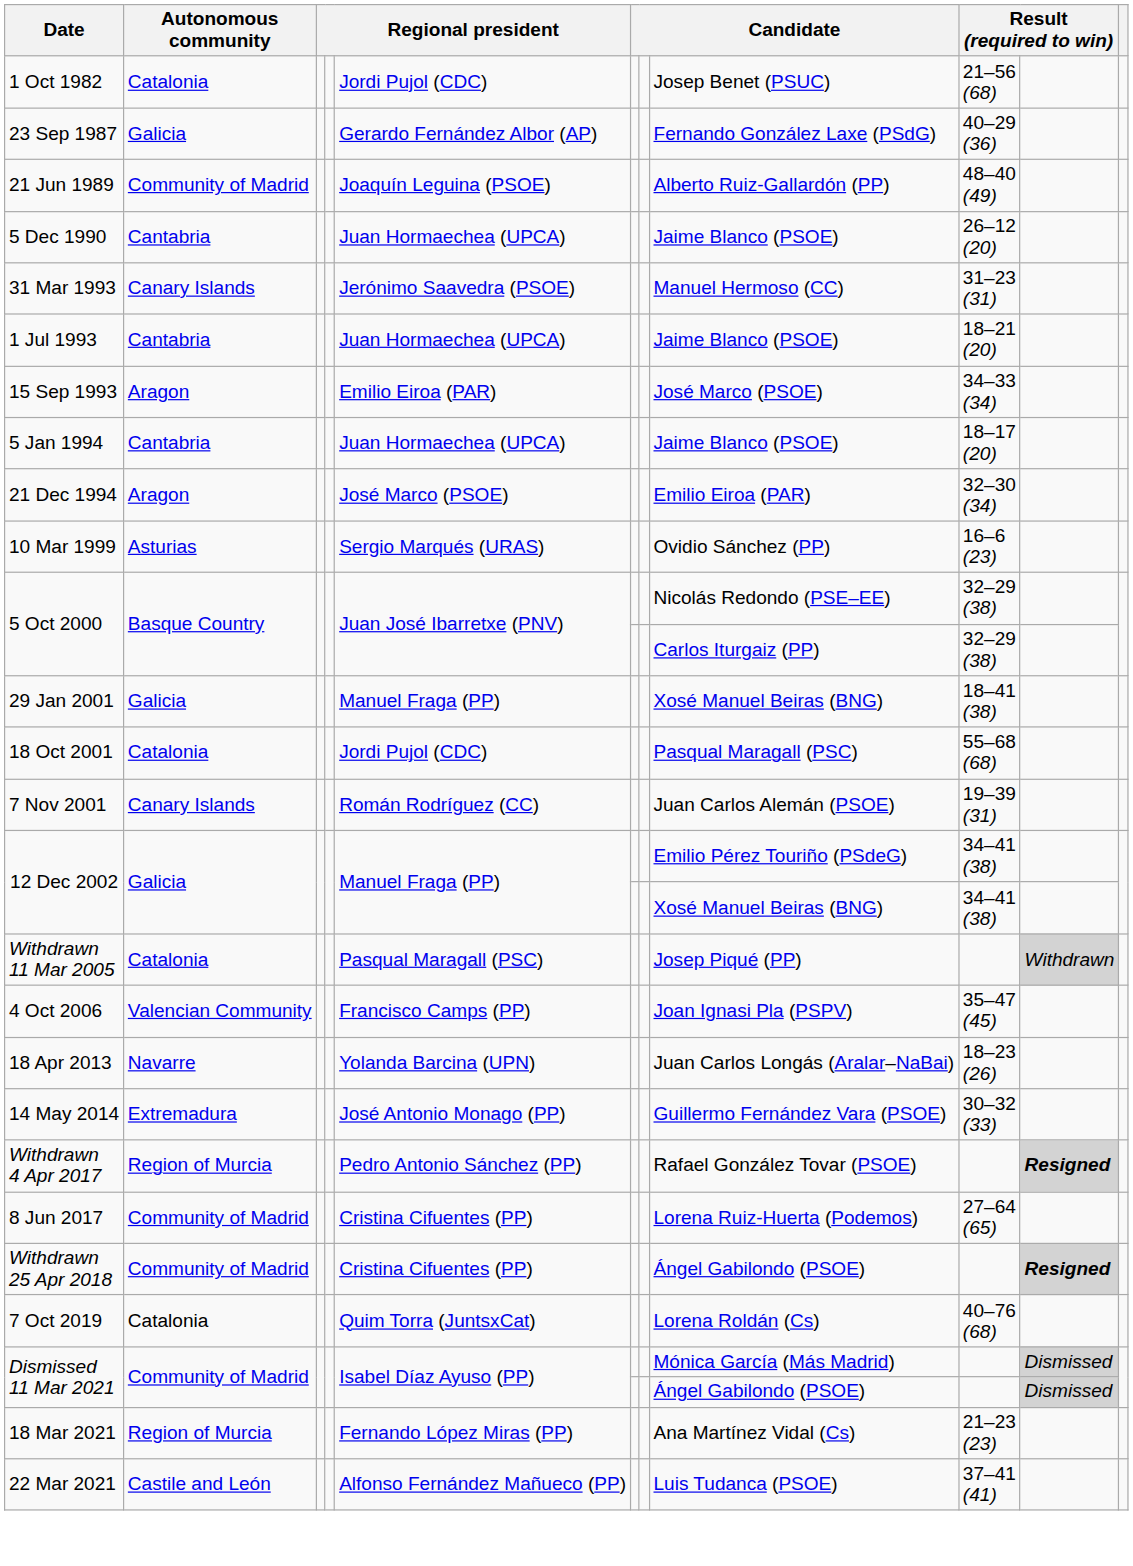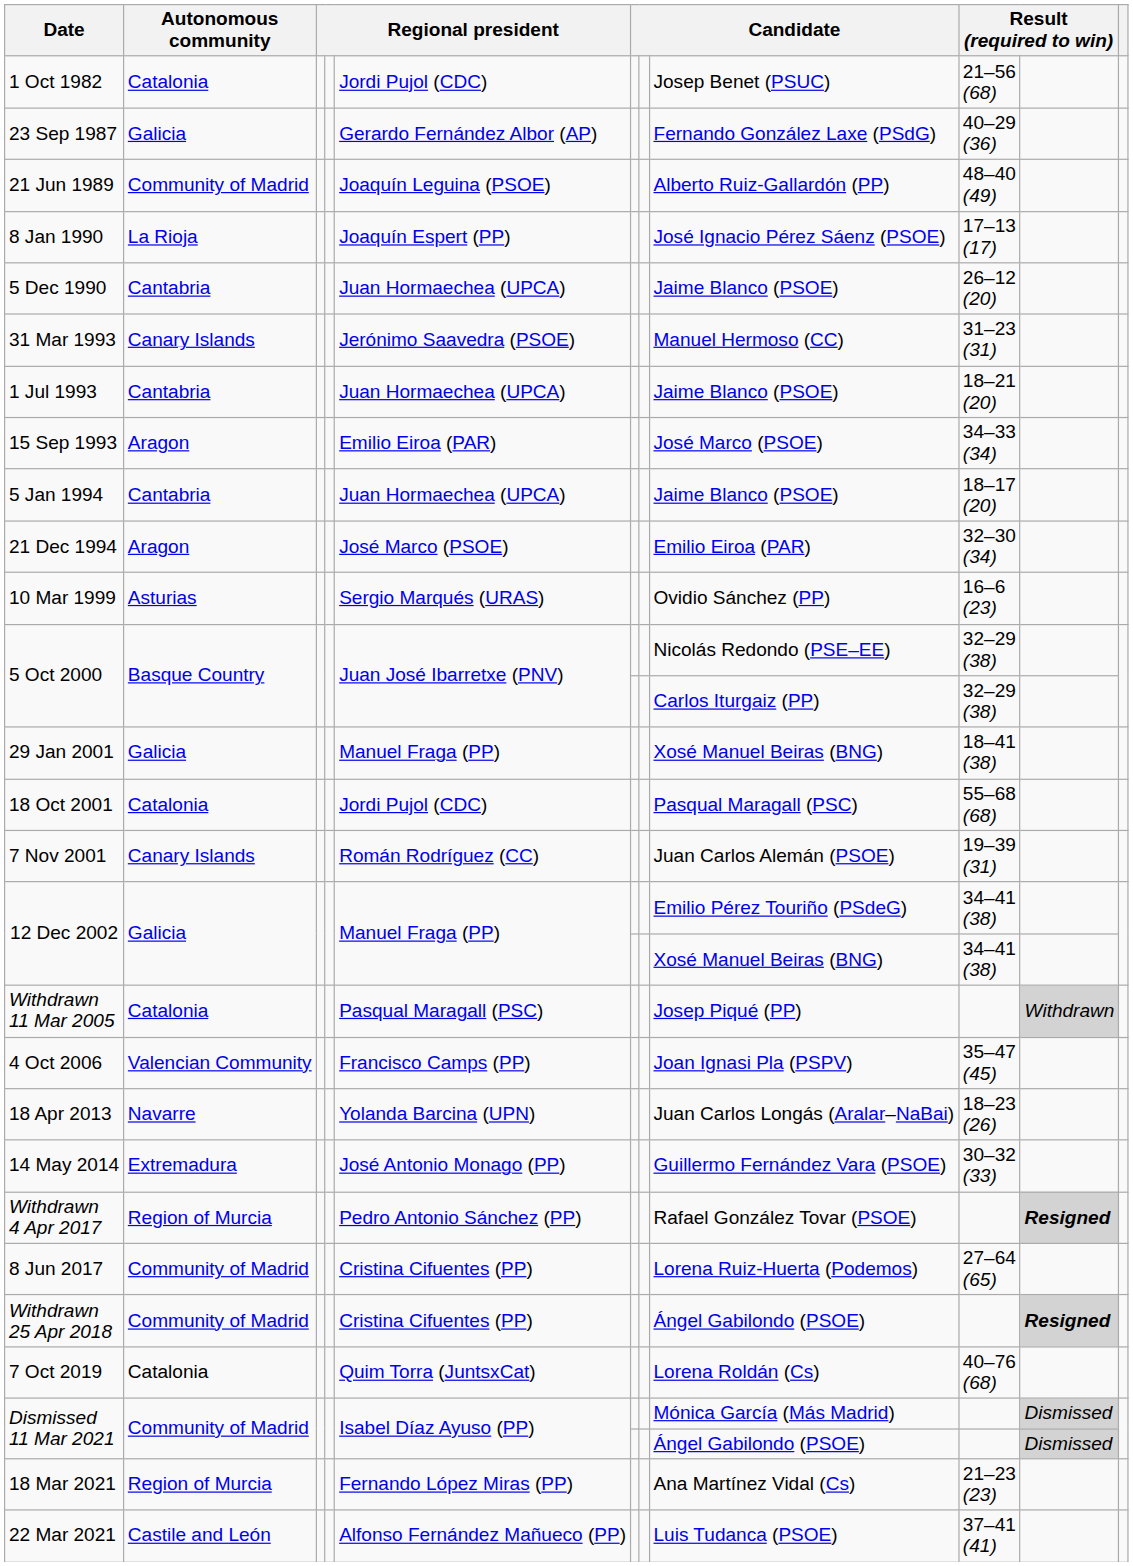 <table class="wikitable">
 <tr>
 <th>Date</th>
 <th>Autonomous<br>community</th>
 <th colspan="3">Regional president</th>
 <th colspan="3">Candidate</th>
 <th colspan="2">Result<br><em>(required to win)</em></th>
 <th></th>
 </tr>
 <tr>
 <td>1 Oct 1982</td>
 <td><a href='#'>Catalonia</a></td>
 <td></td>
 <td width="1"></td>
 <td><a href='#'>Jordi Pujol</a> (<a href='#'>CDC</a>)</td>
 <td></td>
 <td width="1"></td>
 <td>Josep Benet (<a href='#'>PSUC</a>)</td>
 <td>21–56<br><em>(68)</em></td>
 <td></td>
 <td></td>
 </tr>
 <tr>
 <td>23 Sep 1987</td>
 <td><a href='#'>Galicia</a></td>
 <td></td>
 <td></td>
 <td><a href='#'>Gerardo Fernández Albor</a> (<a href='#'>AP</a>)</td>
 <td></td>
 <td></td>
 <td><a href='#'>Fernando González Laxe</a> (<a href='#'>PSdG</a>)</td>
 <td>40–29<br><em>(36)</em></td>
 <td></td>
 <td></td>
 </tr>
 <tr>
 <td>21 Jun 1989</td>
 <td><a href='#'>Community of Madrid</a></td>
 <td></td>
 <td></td>
 <td><a href='#'>Joaquín Leguina</a> (<a href='#'>PSOE</a>)</td>
 <td></td>
 <td></td>
 <td><a href='#'>Alberto Ruiz-Gallardón</a> (<a href='#'>PP</a>)</td>
 <td>48–40<br><em>(49)</em></td>
+<td></td>
+<td></td>
+</tr>
+<tr>
+<td>8 Jan 1990</td>
+<td><a href='#'>La Rioja</a></td>
+<td></td>
+<td></td>
+<td><a href='#'>Joaquín Espert</a> (<a href='#'>PP</a>)</td>
+<td></td>
+<td></td>
+<td><a href='#'>José Ignacio Pérez Sáenz</a> (<a href='#'>PSOE</a>)</td>
+<td>17–13<br><em>(17)</em></td>
 <td></td>
 <td></td>
 </tr>
 <tr>
 <td>5 Dec 1990</td>
 <td><a href='#'>Cantabria</a></td>
 <td></td>
 <td></td>
 <td><a href='#'>Juan Hormaechea</a> (<a href='#'>UPCA</a>)</td>
 <td></td>
 <td></td>
 <td><a href='#'>Jaime Blanco</a> (<a href='#'>PSOE</a>)</td>
 <td>26–12<br><em>(20)</em></td>
 <td></td>
 <td></td>
 </tr>
 <tr>
 <td>31 Mar 1993</td>
 <td><a href='#'>Canary Islands</a></td>
 <td></td>
 <td></td>
 <td><a href='#'>Jerónimo Saavedra</a> (<a href='#'>PSOE</a>)</td>
 <td></td>
 <td></td>
 <td><a href='#'>Manuel Hermoso</a> (<a href='#'>CC</a>)</td>
 <td>31–23<br><em>(31)</em></td>
 <td></td>
 <td></td>
 </tr>
 <tr>
 <td>1 Jul 1993</td>
 <td><a href='#'>Cantabria</a></td>
 <td></td>
 <td></td>
 <td><a href='#'>Juan Hormaechea</a> (<a href='#'>UPCA</a>)</td>
 <td></td>
 <td></td>
 <td><a href='#'>Jaime Blanco</a> (<a href='#'>PSOE</a>)</td>
 <td>18–21<br><em>(20)</em></td>
 <td></td>
 <td></td>
 </tr>
 <tr>
 <td>15 Sep 1993</td>
 <td><a href='#'>Aragon</a></td>
 <td></td>
 <td></td>
 <td><a href='#'>Emilio Eiroa</a> (<a href='#'>PAR</a>)</td>
 <td></td>
 <td></td>
 <td><a href='#'>José Marco</a> (<a href='#'>PSOE</a>)</td>
 <td>34–33<br><em>(34)</em></td>
 <td></td>
 <td><br></td>
 </tr>
 <tr>
 <td>5 Jan 1994</td>
 <td><a href='#'>Cantabria</a></td>
 <td></td>
 <td></td>
 <td><a href='#'>Juan Hormaechea</a> (<a href='#'>UPCA</a>)</td>
 <td></td>
 <td></td>
 <td><a href='#'>Jaime Blanco</a> (<a href='#'>PSOE</a>)</td>
 <td>18–17<br><em>(20)</em></td>
 <td></td>
 <td></td>
 </tr>
 <tr>
 <td>21 Dec 1994</td>
 <td><a href='#'>Aragon</a></td>
 <td></td>
 <td></td>
 <td><a href='#'>José Marco</a> (<a href='#'>PSOE</a>)</td>
 <td></td>
 <td></td>
 <td><a href='#'>Emilio Eiroa</a> (<a href='#'>PAR</a>)</td>
 <td>32–30<br><em>(34)</em></td>
 <td></td>
 <td></td>
 </tr>
 <tr>
 <td>10 Mar 1999</td>
 <td><a href='#'>Asturias</a></td>
 <td></td>
 <td style="background-color:"></td>
 <td><a href='#'>Sergio Marqués</a> (<a href='#'>URAS</a>)</td>
 <td></td>
 <td></td>
 <td>Ovidio Sánchez (<a href='#'>PP</a>)</td>
 <td>16–6<br><em>(23)</em></td>
 <td></td>
 <td></td>
 </tr>
 <tr>
 <td rowspan="2">5 Oct 2000</td>
 <td rowspan="2"><a href='#'>Basque Country</a></td>
 <td rowspan="2"></td>
 <td rowspan="2"></td>
 <td rowspan="2"><a href='#'>Juan José Ibarretxe</a> (<a href='#'>PNV</a>)</td>
 <td></td>
 <td></td>
 <td>Nicolás Redondo (<a href='#'>PSE–EE</a>)</td>
 <td>32–29<br><em>(38)</em></td>
 <td></td>
 <td rowspan="2"></td>
 </tr>
 <tr>
 <td></td>
 <td></td>
 <td><a href='#'>Carlos Iturgaiz</a> (<a href='#'>PP</a>)</td>
 <td>32–29<br><em>(38)</em></td>
 <td></td>
 </tr>
 <tr>
 <td>29 Jan 2001</td>
 <td><a href='#'>Galicia</a></td>
 <td></td>
 <td></td>
 <td><a href='#'>Manuel Fraga</a> (<a href='#'>PP</a>)</td>
 <td></td>
 <td></td>
 <td><a href='#'>Xosé Manuel Beiras</a> (<a href='#'>BNG</a>)</td>
 <td>18–41<br><em>(38)</em></td>
 <td></td>
 <td></td>
 </tr>
 <tr>
 <td>18 Oct 2001</td>
 <td><a href='#'>Catalonia</a></td>
 <td></td>
 <td></td>
 <td><a href='#'>Jordi Pujol</a> (<a href='#'>CDC</a>)</td>
 <td></td>
 <td></td>
 <td><a href='#'>Pasqual Maragall</a> (<a href='#'>PSC</a>)</td>
 <td>55–68<br><em>(68)</em></td>
 <td></td>
 <td></td>
 </tr>
 <tr>
 <td>7 Nov 2001</td>
 <td><a href='#'>Canary Islands</a></td>
 <td></td>
 <td></td>
 <td><a href='#'>Román Rodríguez</a> (<a href='#'>CC</a>)</td>
 <td></td>
 <td></td>
 <td>Juan Carlos Alemán (<a href='#'>PSOE</a>)</td>
 <td>19–39<br><em>(31)</em></td>
 <td></td>
 <td></td>
 </tr>
 <tr>
 <td rowspan="2" align="center">12 Dec 2002</td>
 <td rowspan="2"><a href='#'>Galicia</a></td>
 <td rowspan="2"></td>
 <td rowspan="2"></td>
 <td rowspan="2"><a href='#'>Manuel Fraga</a> (<a href='#'>PP</a>)</td>
 <td></td>
 <td></td>
 <td><a href='#'>Emilio Pérez Touriño</a> (<a href='#'>PSdeG</a>)</td>
 <td>34–41<br><em>(38)</em></td>
 <td></td>
 <td rowspan="2"></td>
 </tr>
 <tr>
 <td></td>
 <td></td>
 <td><a href='#'>Xosé Manuel Beiras</a> (<a href='#'>BNG</a>)</td>
 <td>34–41<br><em>(38)</em></td>
 <td></td>
 </tr>
 <tr>
 <td><em>Withdrawn<br>11 Mar 2005</em></td>
 <td><a href='#'>Catalonia</a></td>
 <td></td>
 <td></td>
 <td><a href='#'>Pasqual Maragall</a> (<a href='#'>PSC</a>)</td>
 <td></td>
 <td></td>
 <td><a href='#'>Josep Piqué</a> (<a href='#'>PP</a>)</td>
 <td></td>
 <td style="background-color:lightgray"><em>Withdrawn</em></td>
 <td></td>
 </tr>
 <tr>
 <td>4 Oct 2006</td>
 <td><a href='#'>Valencian Community</a></td>
 <td></td>
 <td></td>
 <td><a href='#'>Francisco Camps</a> (<a href='#'>PP</a>)</td>
 <td></td>
 <td></td>
 <td><a href='#'>Joan Ignasi Pla</a> (<a href='#'>PSPV</a>)</td>
 <td>35–47<br><em>(45)</em></td>
 <td></td>
 <td></td>
 </tr>
 <tr>
 <td>18 Apr 2013</td>
 <td><a href='#'>Navarre</a></td>
 <td></td>
 <td></td>
 <td><a href='#'>Yolanda Barcina</a> (<a href='#'>UPN</a>)</td>
 <td></td>
 <td></td>
 <td>Juan Carlos Longás (<a href='#'>Aralar</a>–<a href='#'>NaBai</a>)</td>
 <td>18–23<br><em>(26)</em></td>
 <td></td>
 <td></td>
 </tr>
 <tr>
 <td>14 May 2014</td>
 <td><a href='#'>Extremadura</a></td>
 <td></td>
 <td></td>
 <td><a href='#'>José Antonio Monago</a> (<a href='#'>PP</a>)</td>
 <td></td>
 <td></td>
 <td><a href='#'>Guillermo Fernández Vara</a> (<a href='#'>PSOE</a>)</td>
 <td>30–32<br><em>(33)</em></td>
 <td></td>
 <td></td>
 </tr>
 <tr>
 <td><em>Withdrawn<br>4 Apr 2017</em></td>
 <td><a href='#'>Region of Murcia</a></td>
 <td></td>
 <td></td>
 <td><a href='#'>Pedro Antonio Sánchez</a> (<a href='#'>PP</a>)</td>
 <td></td>
 <td></td>
 <td>Rafael González Tovar (<a href='#'>PSOE</a>)</td>
 <td></td>
 <td style="background-color:lightgray"><strong><em>Resigned</em></strong></td>
 <td></td>
 </tr>
 <tr>
 <td>8 Jun 2017</td>
 <td><a href='#'>Community of Madrid</a></td>
 <td></td>
 <td></td>
 <td><a href='#'>Cristina Cifuentes</a> (<a href='#'>PP</a>)</td>
 <td></td>
 <td></td>
 <td><a href='#'>Lorena Ruiz-Huerta</a> (<a href='#'>Podemos</a>)</td>
 <td>27–64<br><em>(65)</em></td>
 <td></td>
 <td></td>
 </tr>
 <tr>
 <td><em>Withdrawn<br>25 Apr 2018</em></td>
 <td><a href='#'>Community of Madrid</a></td>
 <td></td>
 <td></td>
 <td><a href='#'>Cristina Cifuentes</a> (<a href='#'>PP</a>)</td>
 <td></td>
 <td></td>
 <td><a href='#'>Ángel Gabilondo</a> (<a href='#'>PSOE</a>)</td>
 <td></td>
 <td style="background-color:lightgray"><strong><em>Resigned</em></strong></td>
 <td></td>
 </tr>
 <tr>
 <td>7 Oct 2019</td>
 <td>Catalonia</td>
 <td></td>
 <td></td>
 <td><a href='#'>Quim Torra</a> (<a href='#'>JuntsxCat</a>)</td>
 <td></td>
 <td></td>
 <td><a href='#'>Lorena Roldán</a> (<a href='#'>Cs</a>)</td>
 <td>40–76<br><em>(68)</em></td>
 <td></td>
 <td></td>
 </tr>
 <tr>
 <td rowspan="2"><em>Dismissed<br>11 Mar 2021</em></td>
 <td rowspan="2"><a href='#'>Community of Madrid</a></td>
 <td rowspan="2"></td>
 <td rowspan="2"></td>
 <td rowspan="2"><a href='#'>Isabel Díaz Ayuso</a> (<a href='#'>PP</a>)</td>
 <td></td>
 <td></td>
 <td><a href='#'>Mónica García</a> (<a href='#'>Más Madrid</a>)</td>
 <td></td>
 <td style="background-color:lightgray"><em>Dismissed</em></td>
 <td rowspan="2"><br></td>
 </tr>
 <tr>
 <td></td>
 <td></td>
 <td><a href='#'>Ángel Gabilondo</a> (<a href='#'>PSOE</a>)</td>
 <td></td>
 <td style="background-color:lightgray"><em>Dismissed</em></td>
 </tr>
 <tr>
 <td>18 Mar 2021</td>
 <td><a href='#'>Region of Murcia</a></td>
 <td></td>
 <td></td>
 <td><a href='#'>Fernando López Miras</a> (<a href='#'>PP</a>)</td>
 <td></td>
 <td></td>
 <td>Ana Martínez Vidal (<a href='#'>Cs</a>)</td>
 <td>21–23<br><em>(23)</em></td>
 <td></td>
 <td></td>
 </tr>
 <tr>
 <td>22 Mar 2021</td>
 <td><a href='#'>Castile and León</a></td>
 <td></td>
 <td></td>
 <td><a href='#'>Alfonso Fernández Mañueco</a> (<a href='#'>PP</a>)</td>
 <td></td>
 <td></td>
 <td><a href='#'>Luis Tudanca</a> (<a href='#'>PSOE</a>)</td>
 <td>37–41<br><em>(41)</em></td>
 <td></td>
 <td></td>
 </tr>
 </table>
